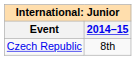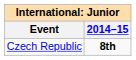 <table class="wikitable" style="text-align:center">
 <tr>
 <th colspan=3 style="background-color: #ffdead;" align=center>International: Junior</th>
 </tr>
 <tr>
 <th>Event</th>
 <th><a href='#'>2014–15</a></th>
 </tr>
 <tr>
 <td align=left> <a href='#'>Czech Republic</a></td>
-<td>8th</td>
+<td><strong>8th</strong></td>
 </tr>
 </table>
